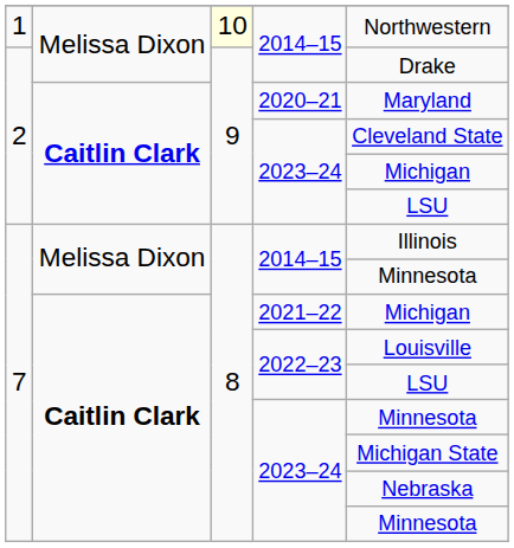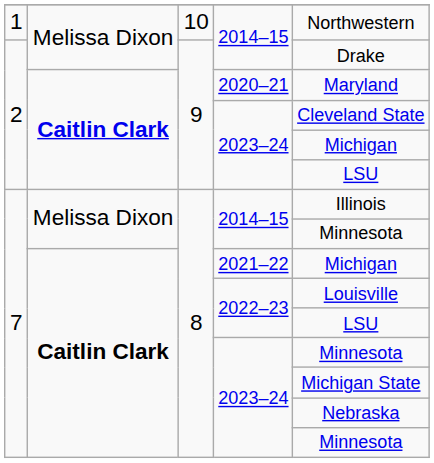 <table class="wikitable sortable" style="text-align: center">
 <tr>
 </tr>
 <tr>
 <td>1</td>
 <td rowspan=2>Melissa Dixon</td>
-<td style="background: lightyellow;">10</td>
+<td>10</td>
 <td style="font-size:80%;" rowspan=2><a href='#'>2014–15</a></td>
 <td style="font-size:80%;">Northwestern</td>
 </tr>
 <tr>
 <td rowspan=5>2</td>
 <td rowspan=5>9</td>
 <td style="font-size:80%;">Drake</td>
 </tr>
 <tr>
 <td rowspan=4><strong><a href='#'>Caitlin Clark</a></strong></td>
 <td style="font-size:80%;"><a href='#'>2020–21</a></td>
 <td style="font-size:80%;"><a href='#'>Maryland</a></td>
 </tr>
 <tr>
 <td style="font-size:80%;" rowspan=3><a href='#'>2023–24</a></td>
 <td style="font-size:80%;"><a href='#'>Cleveland State</a></td>
 </tr>
 <tr>
 <td style="font-size:80%;"><a href='#'>Michigan</a></td>
 </tr>
 <tr>
 <td style="font-size:80%;"><a href='#'>LSU</a></td>
 </tr>
 <tr>
 <td rowspan=9>7</td>
 <td rowspan=2>Melissa Dixon</td>
 <td rowspan=9>8</td>
 <td style="font-size:80%;"rowspan=2><a href='#'>2014–15</a></td>
 <td style="font-size:80%;">Illinois</td>
 </tr>
 <tr>
 <td style="font-size:80%;">Minnesota</td>
 </tr>
 <tr>
 <td rowspan=7><strong>Caitlin Clark</strong></td>
 <td style="font-size:80%;"><a href='#'>2021–22</a></td>
 <td style="font-size:80%;"><a href='#'>Michigan</a></td>
 </tr>
 <tr>
 <td style="font-size:80%;" rowspan=2><a href='#'>2022–23</a></td>
 <td style="font-size:80%;"><a href='#'>Louisville</a></td>
 </tr>
 <tr>
 <td style="font-size:80%;"><a href='#'>LSU</a></td>
 </tr>
 <tr>
 <td style="font-size:80%;" rowspan=4><a href='#'>2023–24</a></td>
 <td style="font-size:80%;"><a href='#'>Minnesota</a></td>
 </tr>
 <tr>
 <td style="font-size:80%;"><a href='#'>Michigan State</a></td>
 </tr>
 <tr>
 <td style="font-size:80%;"><a href='#'>Nebraska</a></td>
 </tr>
 <tr>
 <td style="font-size:80%;"><a href='#'>Minnesota</a></td>
 </tr>
 </table>
